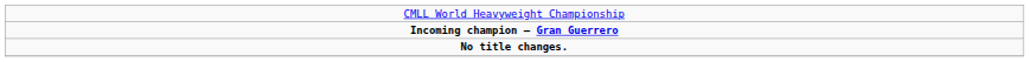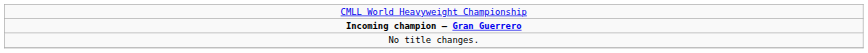 <table class="wikitable" style="text-align:center; width:100%;">
 <tr>
 <td colspan="4" style="text-align: center;"><a href='#'>CMLL World Heavyweight Championship</a></td>
 </tr>
 <tr>
 <td colspan="4" style="text-align: center;"><strong>Incoming champion – <a href='#'>Gran Guerrero</a></strong></td>
 </tr>
 <tr>
-<td><strong>No title changes.</strong></td>
+<td>No title changes.</td>
 </tr>
 <tr>
 </tr>
 </table>
